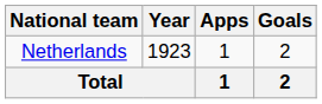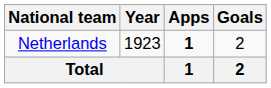 <table class=wikitable style=text-align:center>
 <tr>
 <th>National team</th>
 <th>Year</th>
 <th>Apps</th>
 <th>Goals</th>
 </tr>
 <tr>
 <td rowspan="1"><a href='#'>Netherlands</a></td>
 <td>1923</td>
-<td>1</td>
+<td><strong>1</strong></td>
 <td>2</td>
 </tr>
 <tr>
 <th colspan="2">Total</th>
 <th>1</th>
 <th>2</th>
 </tr>
 </table>
